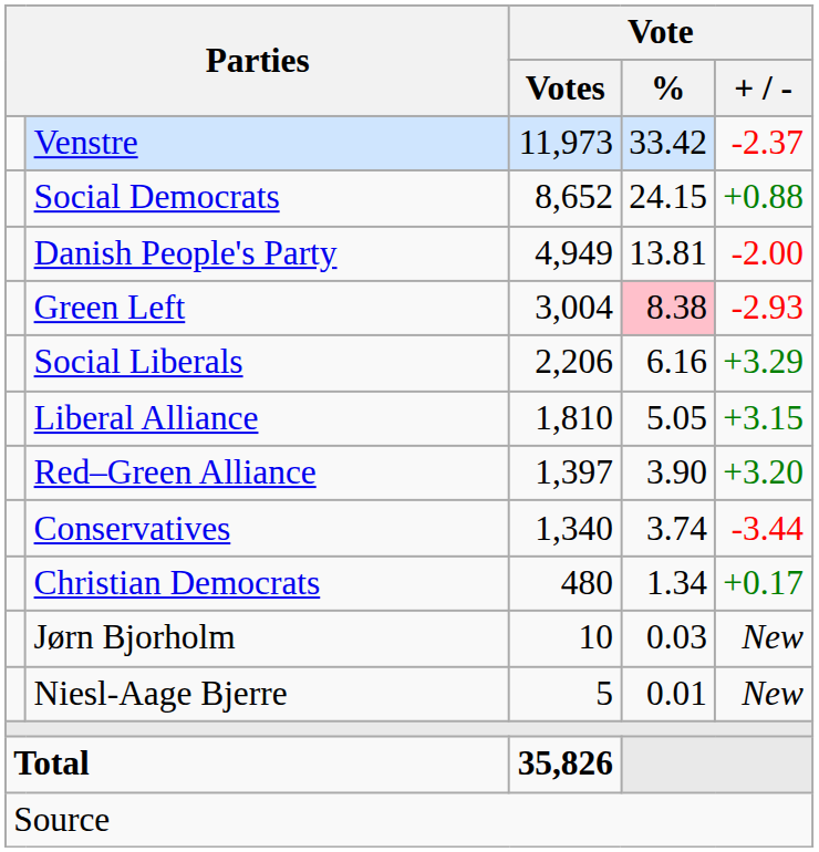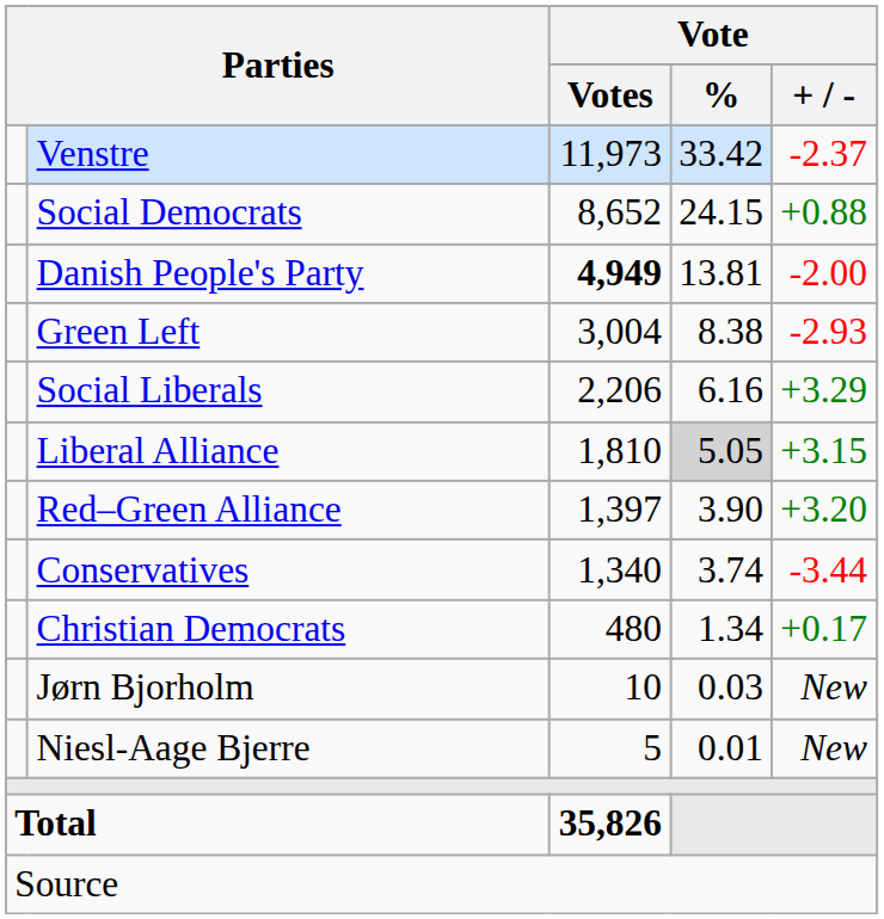 <table class="wikitable" style="text-align:right;">
 <tr>
 <th style="text-align:centre;" rowspan="2" colspan="2" width="225">Parties</th>
 <th colspan="3">Vote</th>
 </tr>
 <tr>
 <th width="15">Votes</th>
 <th width="15">%</th>
 <th width="15">+ / -</th>
 </tr>
 <tr>
 <td width="2" style="color:inherit;background:"></td>
 <td bgcolor=#cfe5fe  align="left"><a href='#'>Venstre</a></td>
 <td bgcolor=#cfe5fe>11,973</td>
 <td bgcolor=#cfe5fe>33.42</td>
 <td style=color:red;>-2.37</td>
 </tr>
 <tr>
 <td width="2" style="color:inherit;background:"></td>
 <td align="left"><a href='#'>Social Democrats</a></td>
 <td>8,652</td>
 <td>24.15</td>
 <td style=color:green;>+0.88</td>
 </tr>
 <tr>
 <td width="2" style="color:inherit;background:"></td>
 <td align="left"><a href='#'>Danish People's Party</a></td>
-<td>4,949</td>
+<td><strong>4,949</strong></td>
 <td>13.81</td>
 <td style=color:red;>-2.00</td>
 </tr>
 <tr>
 <td width="2" style="color:inherit;background:"></td>
 <td align="left"><a href='#'>Green Left</a></td>
 <td>3,004</td>
-<td style="background: pink;">8.38</td>
+<td>8.38</td>
 <td style=color:red;>-2.93</td>
 </tr>
 <tr>
 <td width="2" style="color:inherit;background:"></td>
 <td align="left"><a href='#'>Social Liberals</a></td>
 <td>2,206</td>
 <td>6.16</td>
 <td style=color:green;>+3.29</td>
 </tr>
 <tr>
 <td width="2" style="color:inherit;background:"></td>
 <td align="left"><a href='#'>Liberal Alliance</a></td>
 <td>1,810</td>
-<td>5.05</td>
+<td style="background: lightgrey;">5.05</td>
 <td style=color:green;>+3.15</td>
 </tr>
 <tr>
 <td width="2" style="color:inherit;background:"></td>
 <td align="left"><a href='#'>Red–Green Alliance</a></td>
 <td>1,397</td>
 <td>3.90</td>
 <td style=color:green;>+3.20</td>
 </tr>
 <tr>
 <td width="2" style="color:inherit;background:"></td>
 <td align="left"><a href='#'>Conservatives</a></td>
 <td>1,340</td>
 <td>3.74</td>
 <td style=color:red;>-3.44</td>
 </tr>
 <tr>
 <td width="2" style="color:inherit;background:"></td>
 <td align="left"><a href='#'>Christian Democrats</a></td>
 <td>480</td>
 <td>1.34</td>
 <td style=color:green;>+0.17</td>
 </tr>
 <tr>
 <td width="2" style="color:inherit;background:"></td>
 <td align="left">Jørn Bjorholm</td>
 <td>10</td>
 <td>0.03</td>
 <td><em>New</em></td>
 </tr>
 <tr>
 <td width="2" style="color:inherit;background:"></td>
 <td align="left">Niesl-Aage Bjerre</td>
 <td>5</td>
 <td>0.01</td>
 <td><em>New</em></td>
 </tr>
 <tr>
 <td colspan="7" bgcolor="#E9E9E9"></td>
 </tr>
 <tr>
 <td align="left" colspan="2"><strong>Total</strong></td>
 <td><strong>35,826</strong></td>
 <td bgcolor="#E9E9E9" colspan="2"></td>
 </tr>
 <tr>
 <td align="left" colspan="6">Source</td>
 </tr>
 </table>
